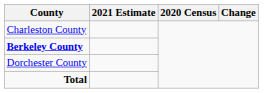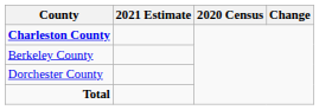 <table class="wikitable sortable">
 <tr>
 <th>County</th>
 <th>2021 Estimate</th>
 <th>2020 Census</th>
 <th>Change</th>
 </tr>
 <tr>
-<td><a href='#'>Charleston County</a></td>
+<td><strong><a href='#'>Charleston County</a></strong></td>
 <td></td>
 </tr>
 <tr>
-<td><strong><a href='#'>Berkeley County</a></strong></td>
+<td><a href='#'>Berkeley County</a></td>
 <td></td>
 </tr>
 <tr>
 <td><a href='#'>Dorchester County</a></td>
 <td></td>
 </tr>
 <tr class=sortbottom>
 <td align=right><strong>Total</strong></td>
 <td></td>
 </tr>
 </table>
